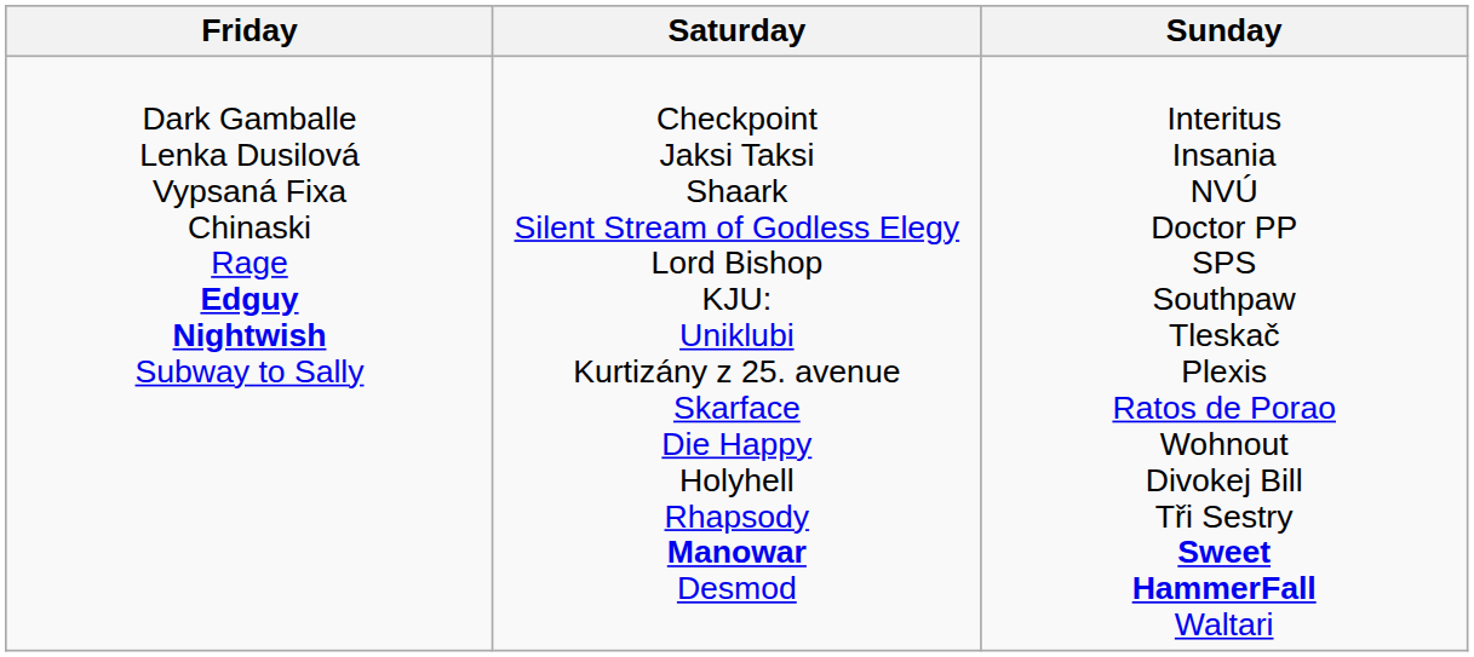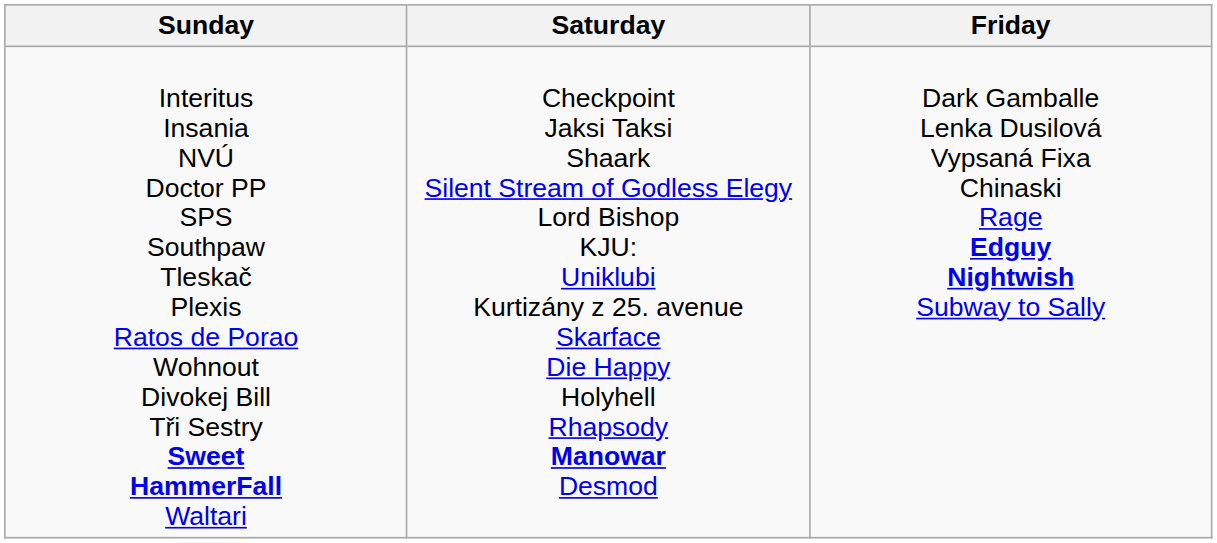 <table class="wikitable">
 <tr>
+<th>Sunday</th>
+<th>Saturday</th>
 <th>Friday</th>
-<th>Saturday</th>
-<th>Sunday</th>
 </tr>
 <tr>
+<td valign="top" align="center" width=235><br>Interitus <br> Insania<br> NVÚ <br> Doctor PP<br> SPS<br> Southpaw <br> Tleskač<br> Plexis <br> <a href='#'>Ratos de Porao</a><br> Wohnout <br> Divokej Bill <br> Tři Sestry<br> <strong><a href='#'>Sweet</a></strong><br> <strong><a href='#'>HammerFall</a></strong><br> <a href='#'>Waltari</a><br></td>
+<td valign="top" align="center" width=235><br>Checkpoint<br> Jaksi Taksi<br> Shaark<br> <a href='#'>Silent Stream of Godless Elegy</a><br> Lord Bishop <br> KJU:<br> <a href='#'>Uniklubi</a><br> Kurtizány z 25. avenue<br> <a href='#'>Skarface</a><br> <a href='#'>Die Happy </a><br> Holyhell<br> <a href='#'>Rhapsody</a><br> <strong><a href='#'>Manowar</a></strong><br> <a href='#'>Desmod</a><br></td>
 <td valign="top" align="center" width=235><br>Dark Gamballe <br> Lenka Dusilová <br> Vypsaná Fixa <br> Chinaski <br> <a href='#'>Rage</a> <br> <strong><a href='#'>Edguy</a></strong><br> <strong><a href='#'>Nightwish</a></strong><br> <a href='#'>Subway to Sally </a><br></td>
-<td valign="top" align="center" width=235><br>Checkpoint<br> Jaksi Taksi<br> Shaark<br> <a href='#'>Silent Stream of Godless Elegy</a><br> Lord Bishop <br> KJU:<br> <a href='#'>Uniklubi</a><br> Kurtizány z 25. avenue<br> <a href='#'>Skarface</a><br> <a href='#'>Die Happy </a><br> Holyhell<br> <a href='#'>Rhapsody</a><br> <strong><a href='#'>Manowar</a></strong><br> <a href='#'>Desmod</a><br></td>
-<td valign="top" align="center" width=235><br>Interitus <br> Insania<br> NVÚ <br> Doctor PP<br> SPS<br> Southpaw <br> Tleskač<br> Plexis <br> <a href='#'>Ratos de Porao</a><br> Wohnout <br> Divokej Bill <br> Tři Sestry<br> <strong><a href='#'>Sweet</a></strong><br> <strong><a href='#'>HammerFall</a></strong><br> <a href='#'>Waltari</a><br></td>
 </tr>
 </table>
